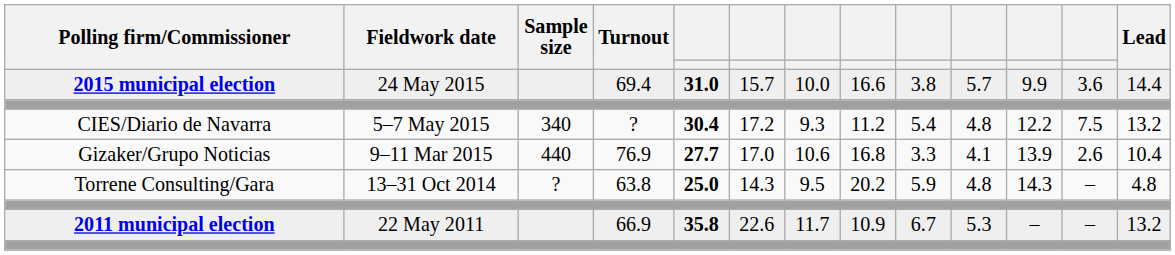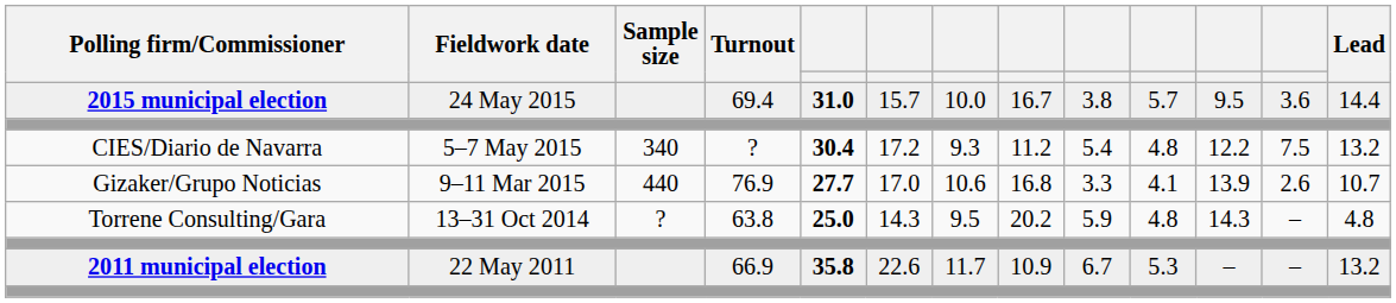 <table class="wikitable collapsible collapsed" style="text-align:center; font-size:95%; line-height:16px;">
 <tr style="height:42px;">
 <th style="width:250px;" rowspan="2">Polling firm/Commissioner</th>
 <th style="width:125px;" rowspan="2">Fieldwork date</th>
 <th style="width:50px;" rowspan="2">Sample size</th>
 <th style="width:45px;" rowspan="2">Turnout</th>
 <th style="width:35px;"></th>
 <th style="width:35px;"></th>
 <th style="width:35px;"></th>
 <th style="width:35px;"></th>
 <th style="width:35px;"></th>
 <th style="width:35px;"></th>
 <th style="width:35px;"></th>
 <th style="width:35px;"></th>
 <th style="width:30px;" rowspan="2">Lead</th>
 </tr>
 <tr>
 <th style="color:inherit;background:"></th>
 <th style="color:inherit;background:"></th>
 <th style="color:inherit;background:"></th>
 <th style="color:inherit;background:"></th>
 <th style="color:inherit;background:"></th>
 <th style="color:inherit;background:"></th>
 <th style="color:inherit;background:"></th>
 <th style="color:inherit;background:"></th>
 </tr>
 <tr style="background:#EFEFEF;">
 <td><strong><a href='#'>2015 municipal election</a></strong></td>
 <td>24 May 2015</td>
 <td></td>
 <td>69.4</td>
 <td><strong>31.0</strong><br></td>
 <td>15.7<br></td>
 <td>10.0<br></td>
-<td>16.6<br></td>
+<td>16.7<br></td>
 <td>3.8<br></td>
 <td>5.7<br></td>
-<td>9.9<br></td>
+<td>9.5<br></td>
 <td>3.6<br></td>
 <td style="background:">14.4</td>
 </tr>
 <tr>
 <td colspan="13" style="background:#A0A0A0"></td>
 </tr>
 <tr>
 <td>CIES/Diario de Navarra</td>
 <td>5–7 May 2015</td>
 <td>340</td>
 <td>?</td>
 <td><strong>30.4</strong><br></td>
 <td>17.2<br></td>
 <td>9.3<br></td>
 <td>11.2<br></td>
 <td>5.4<br></td>
 <td>4.8<br></td>
 <td>12.2<br></td>
 <td>7.5<br></td>
 <td style="background:">13.2</td>
 </tr>
 <tr>
 <td>Gizaker/Grupo Noticias</td>
 <td>9–11 Mar 2015</td>
 <td>440</td>
 <td>76.9</td>
 <td><strong>27.7</strong><br></td>
 <td>17.0<br></td>
 <td>10.6<br></td>
 <td>16.8<br></td>
 <td>3.3<br></td>
 <td>4.1<br></td>
 <td>13.9<br></td>
 <td>2.6<br></td>
-<td style="background:">10.4</td>
+<td style="background:">10.7</td>
 </tr>
 <tr>
 <td>Torrene Consulting/Gara</td>
 <td>13–31 Oct 2014</td>
 <td>?</td>
 <td>63.8</td>
 <td><strong>25.0</strong><br></td>
 <td>14.3<br></td>
 <td>9.5<br></td>
 <td>20.2<br></td>
 <td>5.9<br></td>
 <td>4.8<br></td>
 <td>14.3<br></td>
 <td>–</td>
 <td style="background:">4.8</td>
 </tr>
 <tr>
 <td colspan="13" style="background:#A0A0A0"></td>
 </tr>
 <tr style="background:#EFEFEF;">
 <td><strong><a href='#'>2011 municipal election</a></strong></td>
 <td>22 May 2011</td>
 <td></td>
 <td>66.9</td>
 <td><strong>35.8</strong><br></td>
 <td>22.6<br></td>
 <td>11.7<br></td>
 <td>10.9<br></td>
 <td>6.7<br></td>
 <td>5.3<br></td>
 <td>–</td>
 <td>–</td>
 <td style="background:">13.2</td>
 </tr>
 <tr>
 <td colspan="13" style="background:#A0A0A0"></td>
 </tr>
 </table>
